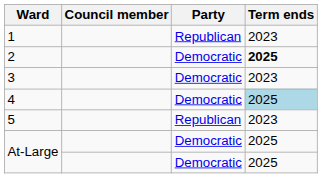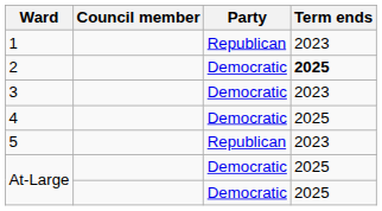 <table class="sortable wikitable">
 <tr>
 <th>Ward</th>
 <th>Council member</th>
 <th>Party</th>
 <th>Term ends</th>
 </tr>
 <tr>
 <td>1</td>
 <td></td>
 <td><a href='#'>Republican</a></td>
 <td>2023</td>
 </tr>
 <tr>
 <td>2</td>
 <td></td>
 <td><a href='#'>Democratic</a></td>
 <td><strong>2025</strong></td>
 </tr>
 <tr>
 <td>3</td>
 <td></td>
 <td><a href='#'>Democratic</a></td>
 <td>2023</td>
 </tr>
 <tr>
 <td>4</td>
 <td></td>
 <td><a href='#'>Democratic</a></td>
-<td style="background: lightblue;">2025</td>
+<td>2025</td>
 </tr>
 <tr>
 <td>5</td>
 <td></td>
 <td><a href='#'>Republican</a></td>
 <td>2023</td>
 </tr>
 <tr>
 <td rowspan="2">At-Large</td>
 <td></td>
 <td><a href='#'>Democratic</a></td>
 <td>2025</td>
 </tr>
 <tr>
 <td></td>
 <td><a href='#'>Democratic</a></td>
 <td>2025</td>
 </tr>
 </table>
